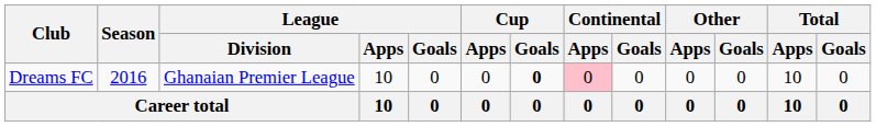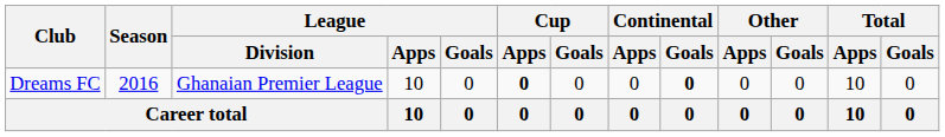 <table class="wikitable" style="text-align: center">
 <tr>
 <th rowspan="2">Club</th>
 <th rowspan="2">Season</th>
 <th colspan="3">League</th>
 <th colspan="2">Cup</th>
 <th colspan="2">Continental</th>
 <th colspan="2">Other</th>
 <th colspan="2">Total</th>
 </tr>
 <tr>
 <th>Division</th>
 <th>Apps</th>
 <th>Goals</th>
 <th>Apps</th>
 <th>Goals</th>
 <th>Apps</th>
 <th>Goals</th>
 <th>Apps</th>
 <th>Goals</th>
 <th>Apps</th>
 <th>Goals</th>
 </tr>
 <tr>
 <td><a href='#'>Dreams FC</a></td>
 <td><a href='#'>2016</a></td>
 <td><a href='#'>Ghanaian Premier League</a></td>
 <td>10</td>
 <td>0</td>
+<td><strong>0</strong></td>
+<td>0</td>
 <td>0</td>
 <td><strong>0</strong></td>
-<td style="background: pink;">0</td>
-<td>0</td>
 <td>0</td>
 <td>0</td>
 <td>10</td>
 <td>0</td>
 </tr>
 <tr>
 <th colspan="3"><strong>Career total</strong></th>
 <th>10</th>
 <th>0</th>
 <th>0</th>
 <th>0</th>
 <th>0</th>
 <th>0</th>
 <th>0</th>
 <th>0</th>
 <th>10</th>
 <th>0</th>
 </tr>
 </table>
